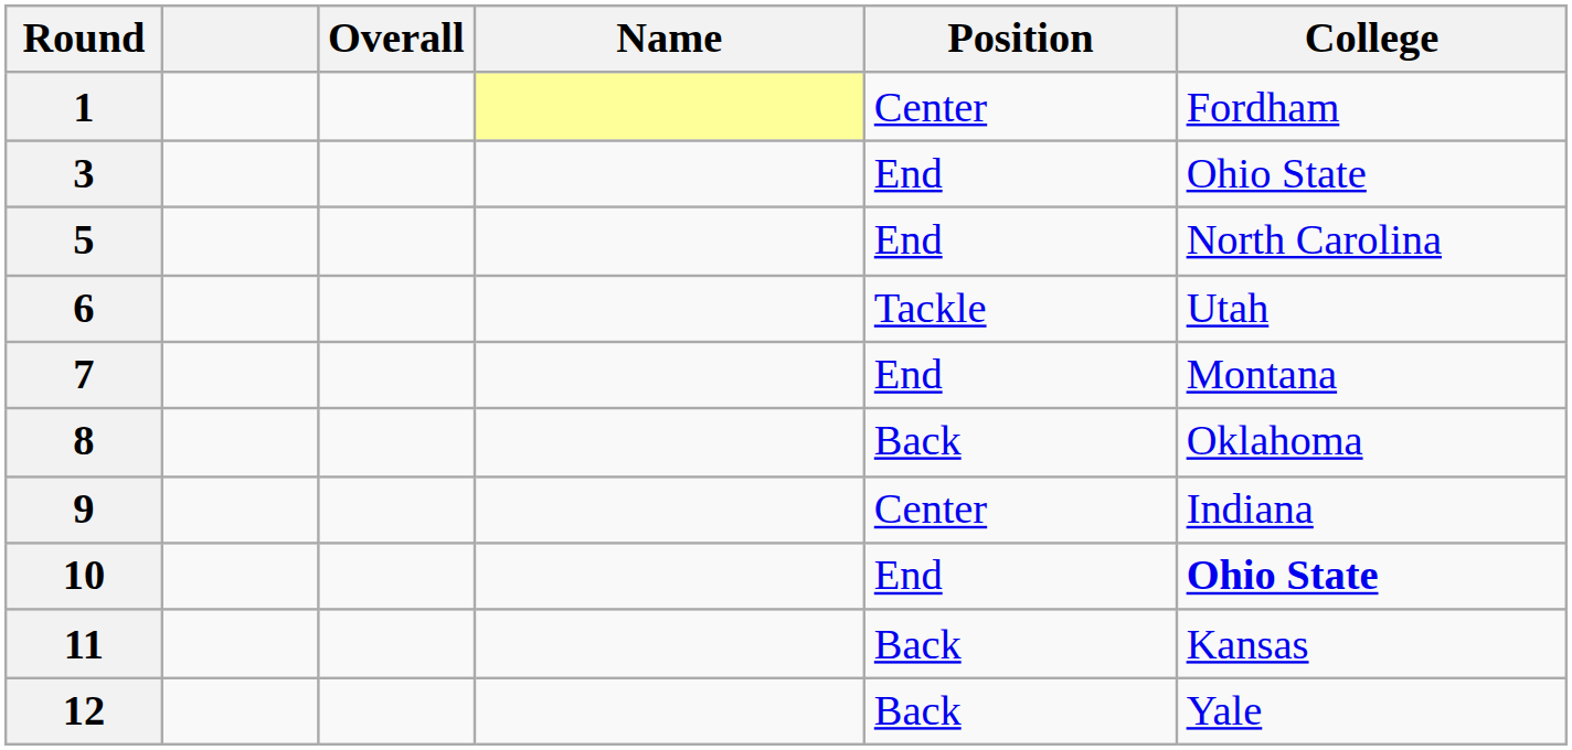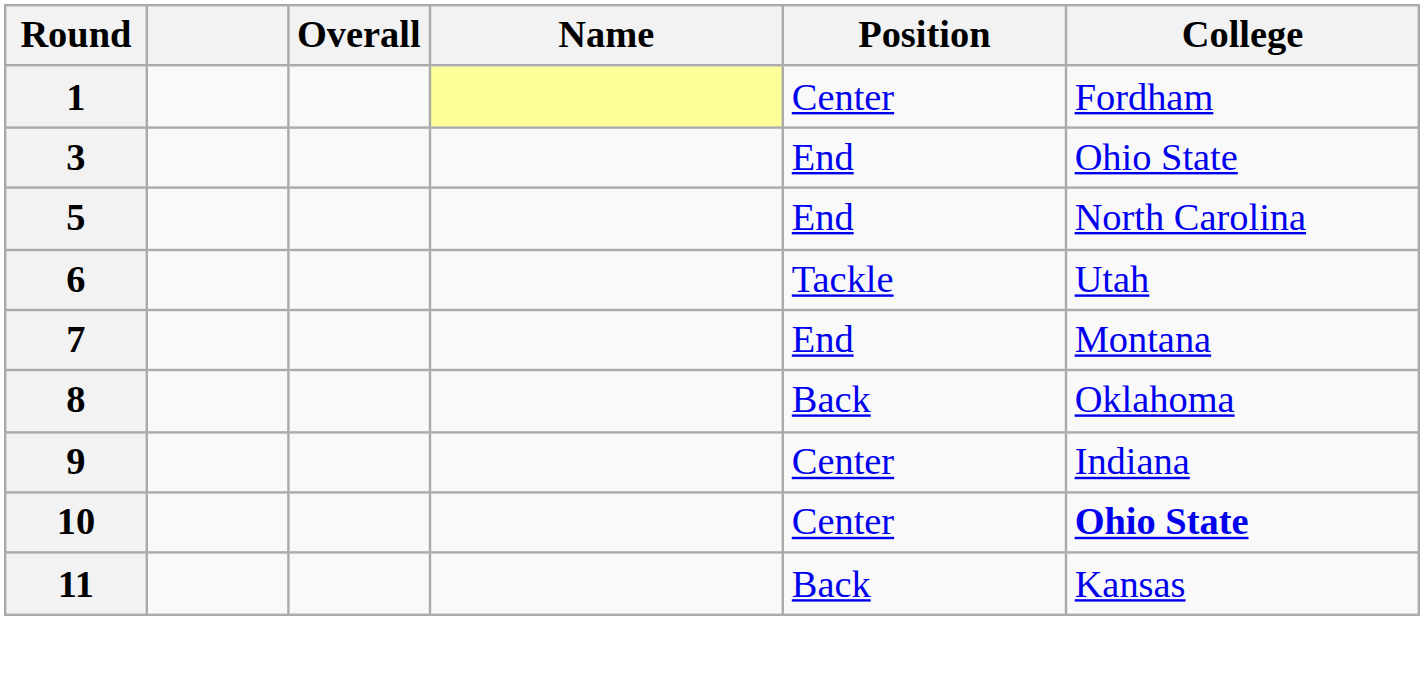 <table class="wikitable sortable">
 <tr>
 <th scope="col" style="width: 10%;">Round</th>
 <th scope="col" style="width: 10%;"></th>
 <th scope="col" style="width: 10%;">Overall</th>
 <th scope="col" style="width: 25%;">Name</th>
 <th scope="col" style="width: 20%;">Position</th>
 <th scope="col" style="width: 25%;">College</th>
 </tr>
 <tr>
 <th scope="row">1</th>
 <td></td>
 <td></td>
 <td style="background-color: #FFFF99;"> </td>
 <td><a href='#'>Center</a></td>
 <td><a href='#'>Fordham</a></td>
 </tr>
 <tr>
 <th scope="row">3</th>
 <td></td>
 <td></td>
 <td></td>
 <td><a href='#'>End</a></td>
 <td><a href='#'>Ohio State</a></td>
 </tr>
 <tr>
 <th scope="row">5</th>
 <td></td>
 <td></td>
 <td></td>
 <td><a href='#'>End</a></td>
 <td><a href='#'>North Carolina</a></td>
 </tr>
 <tr>
 <th scope="row">6</th>
 <td></td>
 <td></td>
 <td></td>
 <td><a href='#'>Tackle</a></td>
 <td><a href='#'>Utah</a></td>
 </tr>
 <tr>
 <th scope="row">7</th>
 <td></td>
 <td></td>
 <td></td>
 <td><a href='#'>End</a></td>
 <td><a href='#'>Montana</a></td>
 </tr>
 <tr>
 <th scope="row">8</th>
 <td></td>
 <td></td>
 <td></td>
 <td><a href='#'>Back</a></td>
 <td><a href='#'>Oklahoma</a></td>
 </tr>
 <tr>
 <th scope="row">9</th>
 <td></td>
 <td></td>
 <td></td>
 <td><a href='#'>Center</a></td>
 <td><a href='#'>Indiana</a></td>
 </tr>
 <tr>
 <th scope="row">10</th>
 <td></td>
 <td></td>
 <td></td>
-<td><a href='#'>End</a></td>
+<td><a href='#'>Center</a></td>
 <td><strong><a href='#'>Ohio State</a></strong></td>
 </tr>
 <tr>
 <th scope="row">11</th>
 <td></td>
 <td></td>
 <td></td>
 <td><a href='#'>Back</a></td>
 <td><a href='#'>Kansas</a></td>
 </tr>
-<tr>
-<th scope="row">12</th>
-<td></td>
-<td></td>
-<td></td>
-<td><a href='#'>Back</a></td>
-<td><a href='#'>Yale</a></td>
-</tr>
 </table>
